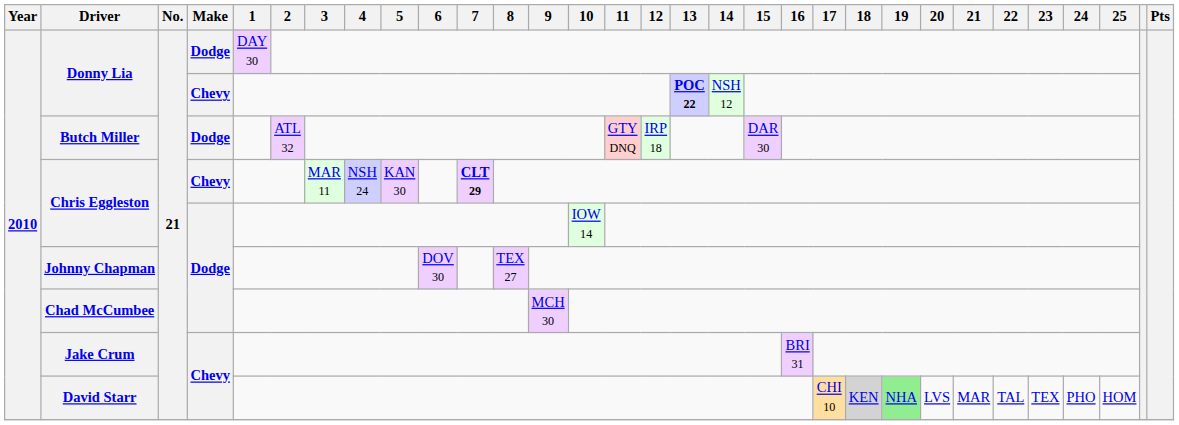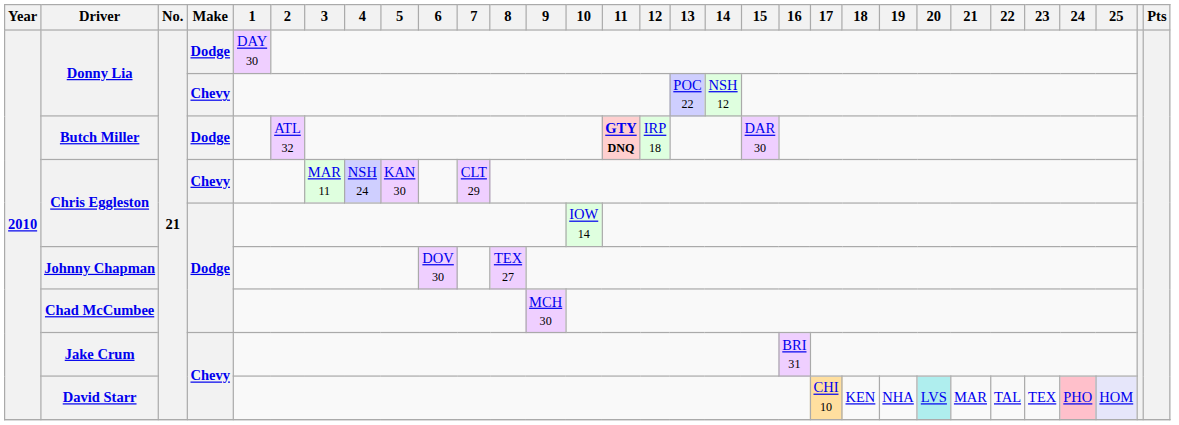 <table class="wikitable" style="text-align:center; font-size:75%">
 <tr>
 <th>Year</th>
 <th>Driver</th>
 <th>No.</th>
 <th>Make</th>
 <th>1</th>
 <th>2</th>
 <th>3</th>
 <th>4</th>
 <th>5</th>
 <th>6</th>
 <th>7</th>
 <th>8</th>
 <th>9</th>
 <th>10</th>
 <th>11</th>
 <th>12</th>
 <th>13</th>
 <th>14</th>
 <th>15</th>
 <th>16</th>
 <th>17</th>
 <th>18</th>
 <th>19</th>
 <th>20</th>
 <th>21</th>
 <th>22</th>
 <th>23</th>
 <th>24</th>
 <th>25</th>
 <th></th>
 <th>Pts</th>
 </tr>
 <tr>
 <th rowspan=9><a href='#'>2010</a></th>
 <th rowspan=2><a href='#'>Donny Lia</a></th>
 <th rowspan=9>21</th>
 <th><a href='#'>Dodge</a></th>
 <td style="background:#EFCFFF;"><a href='#'>DAY</a><br><small>30</small></td>
 <td colspan=24></td>
 <th rowspan=9></th>
 <th rowspan=9></th>
 </tr>
 <tr>
 <th><a href='#'>Chevy</a></th>
 <td colspan=12></td>
-<td style="background:#CFCFFF;"><strong><a href='#'>POC</a><br><small>22</small></strong></td>
+<td style="background:#CFCFFF;"><a href='#'>POC</a><br><small>22</small></td>
 <td style="background:#DFFFDF;"><a href='#'>NSH</a><br><small>12</small></td>
 <td colspan=11></td>
 </tr>
 <tr>
 <th><a href='#'>Butch Miller</a></th>
 <th><a href='#'>Dodge</a></th>
 <td></td>
 <td style="background:#EFCFFF;"><a href='#'>ATL</a><br><small>32</small></td>
 <td colspan=8></td>
-<td style="background:#FFCFCF;"><a href='#'>GTY</a><br><small>DNQ</small></td>
+<td style="background:#FFCFCF;"><strong><a href='#'>GTY</a><br><small>DNQ</small></strong></td>
 <td style="background:#DFFFDF;"><a href='#'>IRP</a><br><small>18</small></td>
 <td colspan=2></td>
 <td style="background:#EFCFFF;"><a href='#'>DAR</a><br><small>30</small></td>
 <td colspan=10></td>
 </tr>
 <tr>
 <th rowspan=2><a href='#'>Chris Eggleston</a></th>
 <th><a href='#'>Chevy</a></th>
 <td colspan=2></td>
 <td style="background:#DFFFDF;"><a href='#'>MAR</a><br><small>11</small></td>
 <td style="background:#CFCFFF;"><a href='#'>NSH</a><br><small>24</small></td>
 <td style="background:#EFCFFF;"><a href='#'>KAN</a><br><small>30</small></td>
 <td></td>
-<td style="background:#EFCFFF;"><strong><a href='#'>CLT</a><br><small>29</small></strong></td>
+<td style="background:#EFCFFF;"><a href='#'>CLT</a><br><small>29</small></td>
 <td colspan=18></td>
 </tr>
 <tr>
 <th rowspan=3><a href='#'>Dodge</a></th>
 <td colspan=9></td>
 <td style="background:#DFFFDF;"><a href='#'>IOW</a><br><small>14</small></td>
 <td colspan=15></td>
 </tr>
 <tr>
 <th><a href='#'>Johnny Chapman</a></th>
 <td colspan=5></td>
 <td style="background:#EFCFFF;"><a href='#'>DOV</a><br><small>30</small></td>
 <td></td>
 <td style="background:#EFCFFF;"><a href='#'>TEX</a><br><small>27</small></td>
 <td colspan=17></td>
 </tr>
 <tr>
 <th><a href='#'>Chad McCumbee</a></th>
 <td colspan=8></td>
 <td style="background:#EFCFFF;"><a href='#'>MCH</a><br><small>30</small></td>
 <td colspan=16></td>
 </tr>
 <tr>
 <th><a href='#'>Jake Crum</a></th>
 <th rowspan=2><a href='#'>Chevy</a></th>
 <td colspan=15></td>
 <td style="background:#EFCFFF;"><a href='#'>BRI</a><br><small>31</small></td>
 <td colspan=9></td>
 </tr>
 <tr>
 <th><a href='#'>David Starr</a></th>
 <td colspan=16></td>
 <td style="background:#FFDF9F;"><a href='#'>CHI</a><br><small>10</small></td>
-<td style="background: lightgrey;"><a href='#'>KEN</a></td>
-<td style="background: lightgreen;"><a href='#'>NHA</a></td>
-<td><a href='#'>LVS</a></td>
+<td><a href='#'>KEN</a></td>
+<td><a href='#'>NHA</a></td>
+<td style="background: paleturquoise;"><a href='#'>LVS</a></td>
 <td><a href='#'>MAR</a></td>
 <td><a href='#'>TAL</a></td>
 <td><a href='#'>TEX</a></td>
-<td><a href='#'>PHO</a></td>
-<td><a href='#'>HOM</a></td>
+<td style="background: pink;"><a href='#'>PHO</a></td>
+<td style="background: lavender;"><a href='#'>HOM</a></td>
 </tr>
 <tr>
 </tr>
 </table>
